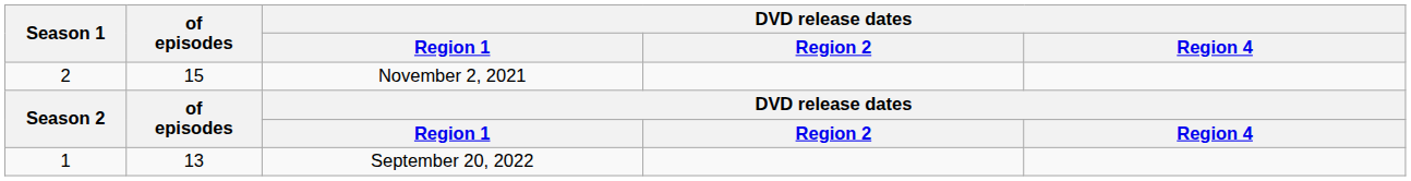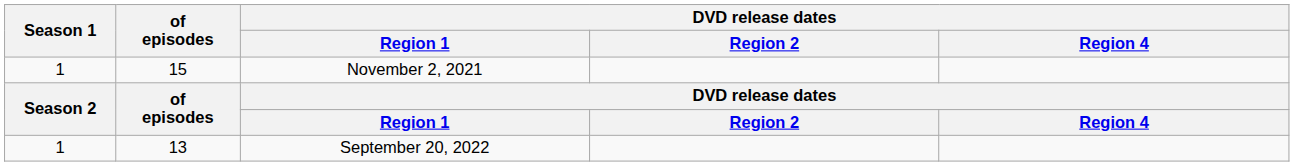 <table class="wikitable plainrowheaders" style="text-align:center; width=58%;">
 <tr>
 <th scope="col" rowspan="2" style="width:5%;">Season 1</th>
 <th scope="col" rowspan="2" style="width:5%;"> of<br>episodes</th>
 <th scope="col" colspan="3" style="width:48%;">DVD release dates</th>
 </tr>
 <tr>
 <th scope="col" style="width:16%;"><a href='#'>Region 1</a></th>
 <th scope="col" style="width:16%;"><a href='#'>Region 2</a></th>
 <th scope="col" style="width:16%;"><a href='#'>Region 4</a></th>
 </tr>
 <tr>
-<td scope="row">2</td>
+<td scope="row">1</td>
 <td>15</td>
 <td>November 2, 2021</td>
 <td></td>
 <td></td>
 </tr>
 <tr>
 <th scope="col" rowspan="2" style="width:5%;">Season 2</th>
 <th scope="col" rowspan="2" style="width:5%;"> of<br>episodes</th>
 <th scope="col" colspan="3" style="width:48%;">DVD release dates</th>
 </tr>
 <tr>
 <th scope="col" style="width:16%;"><a href='#'>Region 1</a></th>
 <th scope="col" style="width:16%;"><a href='#'>Region 2</a></th>
 <th scope="col" style="width:16%;"><a href='#'>Region 4</a></th>
 </tr>
 <tr>
 <td scope="row">1</td>
 <td>13</td>
 <td>September 20, 2022</td>
 <td></td>
 <td></td>
 </tr>
 </table>
